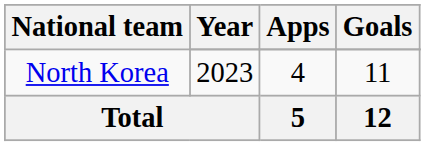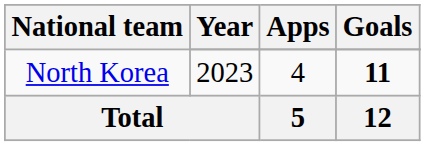 <table class="wikitable" style="text-align:center">
 <tr>
 <th>National team</th>
 <th>Year</th>
 <th>Apps</th>
 <th>Goals</th>
 </tr>
 <tr>
 <td rowspan="2"><a href='#'>North Korea</a></td>
 </tr>
 <tr>
 <td>2023</td>
 <td>4</td>
-<td>11</td>
+<td><strong>11</strong></td>
 </tr>
 <tr>
 <th colspan="2">Total</th>
 <th>5</th>
 <th>12</th>
 </tr>
 </table>
